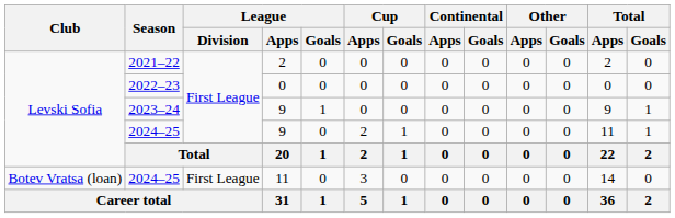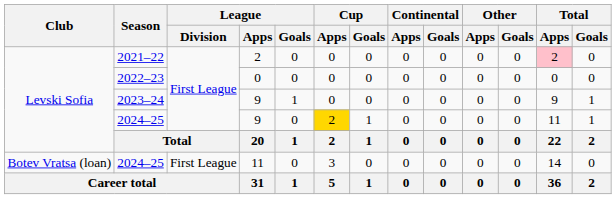 <table class="wikitable" style="text-align:center">
 <tr>
 <th rowspan="2">Club</th>
 <th rowspan="2">Season</th>
 <th colspan="3">League</th>
 <th colspan="2">Cup</th>
 <th colspan="2">Continental</th>
 <th colspan="2">Other</th>
 <th colspan="2">Total</th>
 </tr>
 <tr>
 <th>Division</th>
 <th>Apps</th>
 <th>Goals</th>
 <th>Apps</th>
 <th>Goals</th>
 <th>Apps</th>
 <th>Goals</th>
 <th>Apps</th>
 <th>Goals</th>
 <th>Apps</th>
 <th>Goals</th>
 </tr>
 <tr>
 <td rowspan="5"><a href='#'>Levski Sofia</a></td>
 <td><a href='#'>2021–22</a></td>
 <td rowspan="4"><a href='#'>First League</a></td>
 <td>2</td>
 <td>0</td>
 <td>0</td>
 <td>0</td>
 <td>0</td>
 <td>0</td>
 <td>0</td>
 <td>0</td>
-<td>2</td>
+<td style="background: pink;">2</td>
 <td>0</td>
 </tr>
 <tr>
 <td><a href='#'>2022–23</a></td>
 <td>0</td>
 <td>0</td>
 <td>0</td>
 <td>0</td>
 <td>0</td>
 <td>0</td>
 <td>0</td>
 <td>0</td>
 <td>0</td>
 <td>0</td>
 </tr>
 <tr>
 <td><a href='#'>2023–24</a></td>
 <td>9</td>
 <td>1</td>
 <td>0</td>
 <td>0</td>
 <td>0</td>
 <td>0</td>
 <td>0</td>
 <td>0</td>
 <td>9</td>
 <td>1</td>
 </tr>
 <tr>
 <td><a href='#'>2024–25</a></td>
 <td>9</td>
 <td>0</td>
-<td>2</td>
+<td style="background: gold;">2</td>
 <td>1</td>
 <td>0</td>
 <td>0</td>
 <td>0</td>
 <td>0</td>
 <td>11</td>
 <td>1</td>
 </tr>
 <tr>
 <th colspan="2">Total</th>
 <th>20</th>
 <th>1</th>
 <th>2</th>
 <th>1</th>
 <th>0</th>
 <th>0</th>
 <th>0</th>
 <th>0</th>
 <th>22</th>
 <th>2</th>
 </tr>
 <tr>
 <td><a href='#'>Botev Vratsa</a> (loan)</td>
 <td><a href='#'>2024–25</a></td>
 <td>First League</td>
 <td>11</td>
 <td>0</td>
 <td>3</td>
 <td>0</td>
 <td>0</td>
 <td>0</td>
 <td>0</td>
 <td>0</td>
 <td>14</td>
 <td>0</td>
 </tr>
 <tr>
 <th colspan="3">Career total</th>
 <th>31</th>
 <th>1</th>
 <th>5</th>
 <th>1</th>
 <th>0</th>
 <th>0</th>
 <th>0</th>
 <th>0</th>
 <th>36</th>
 <th>2</th>
 </tr>
 </table>
